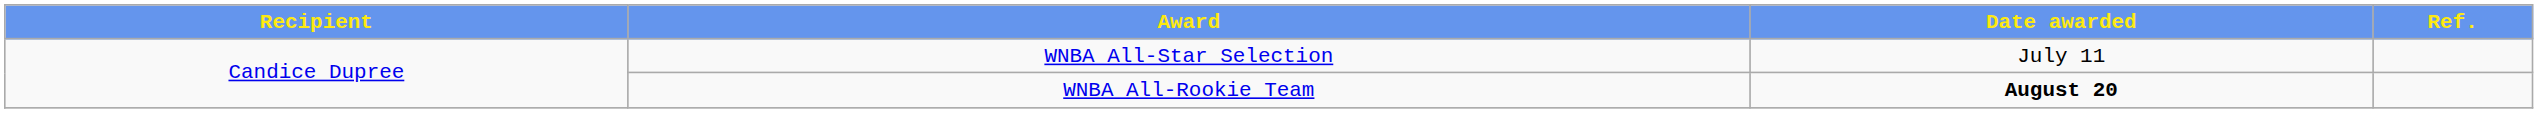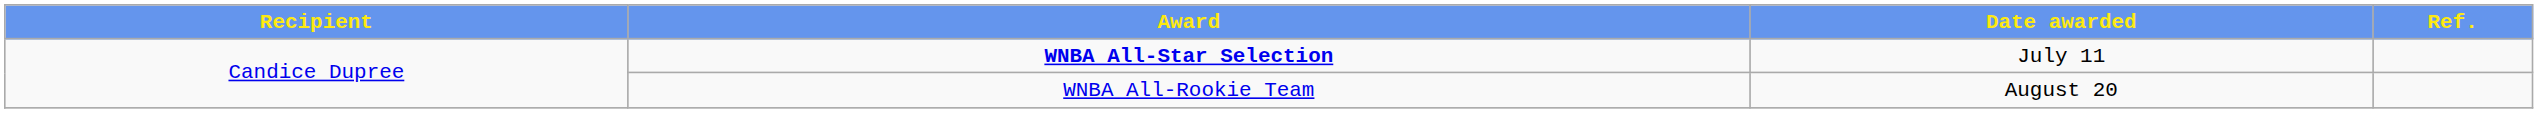 <table class="wikitable sortable sortable" style="text-align: center">
 <tr>
 <th style="background:#6495ED; color:#FDE910;"; width="5%">Recipient</th>
 <th style="background:#6495ED; color:#FDE910;"; width="9%">Award</th>
 <th style="background:#6495ED; color:#FDE910;"; width="5%">Date awarded</th>
 <th style="background:#6495ED; color:#FDE910;"; width="1%" class="unsortable">Ref.</th>
 </tr>
 <tr>
 <td rowspan=2><a href='#'>Candice Dupree</a></td>
-<td><a href='#'>WNBA All-Star Selection</a></td>
+<td><strong><a href='#'>WNBA All-Star Selection</a></strong></td>
 <td>July 11</td>
 <td></td>
 </tr>
 <tr>
 <td><a href='#'>WNBA All-Rookie Team</a></td>
-<td><strong>August 20</strong></td>
+<td>August 20</td>
 <td></td>
 </tr>
 </table>
